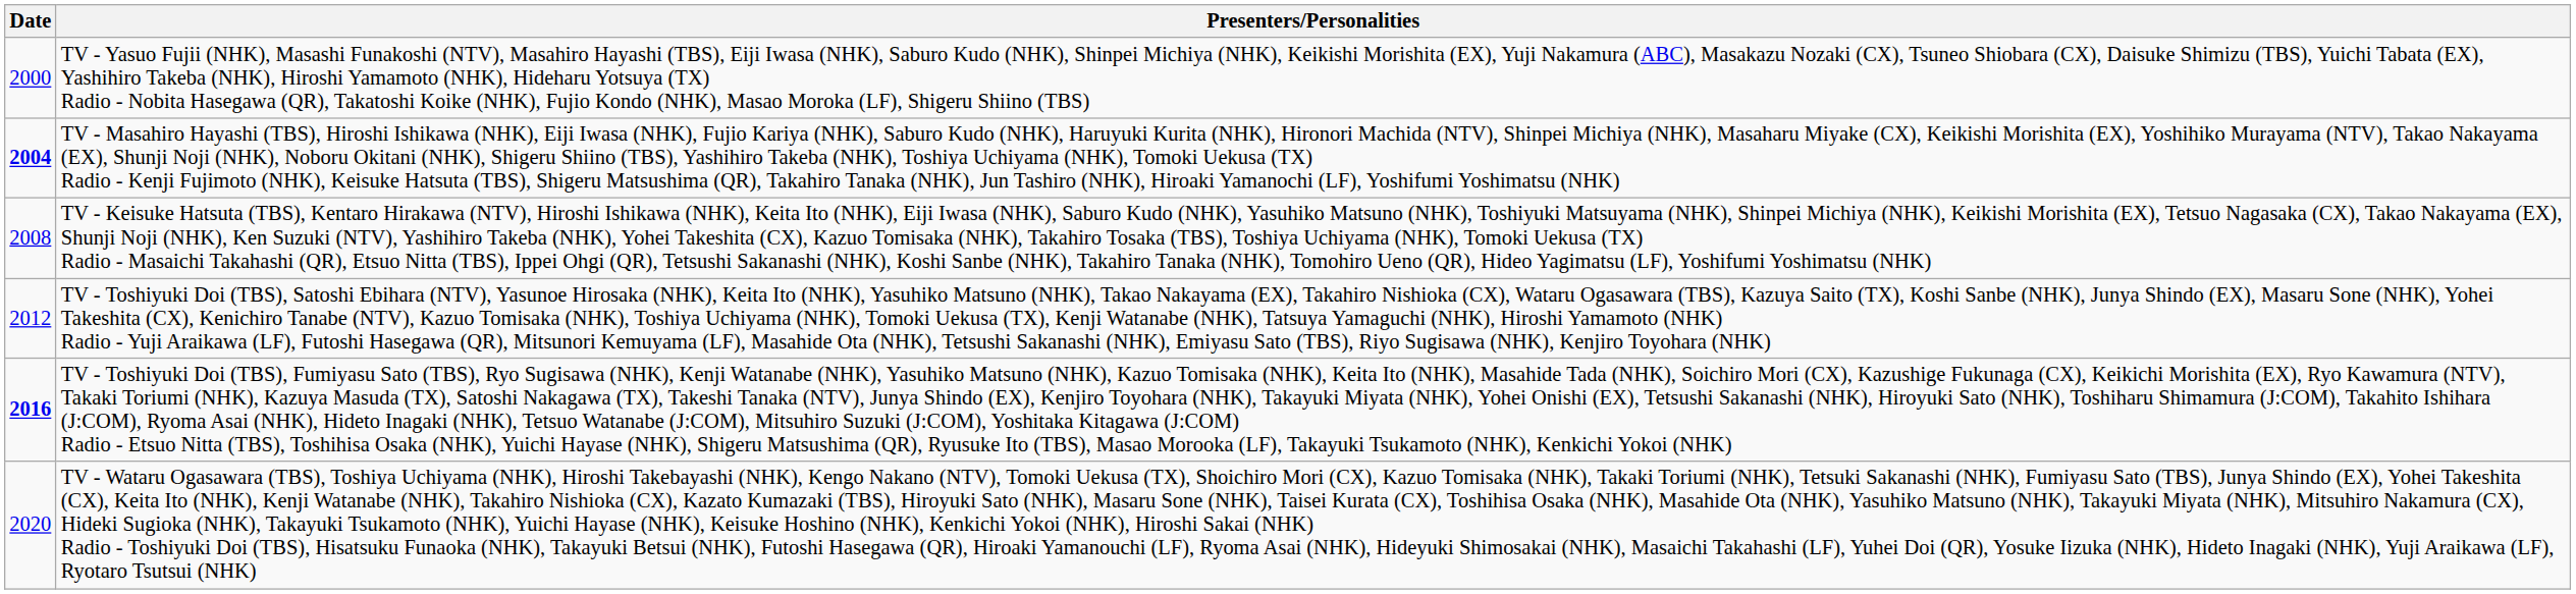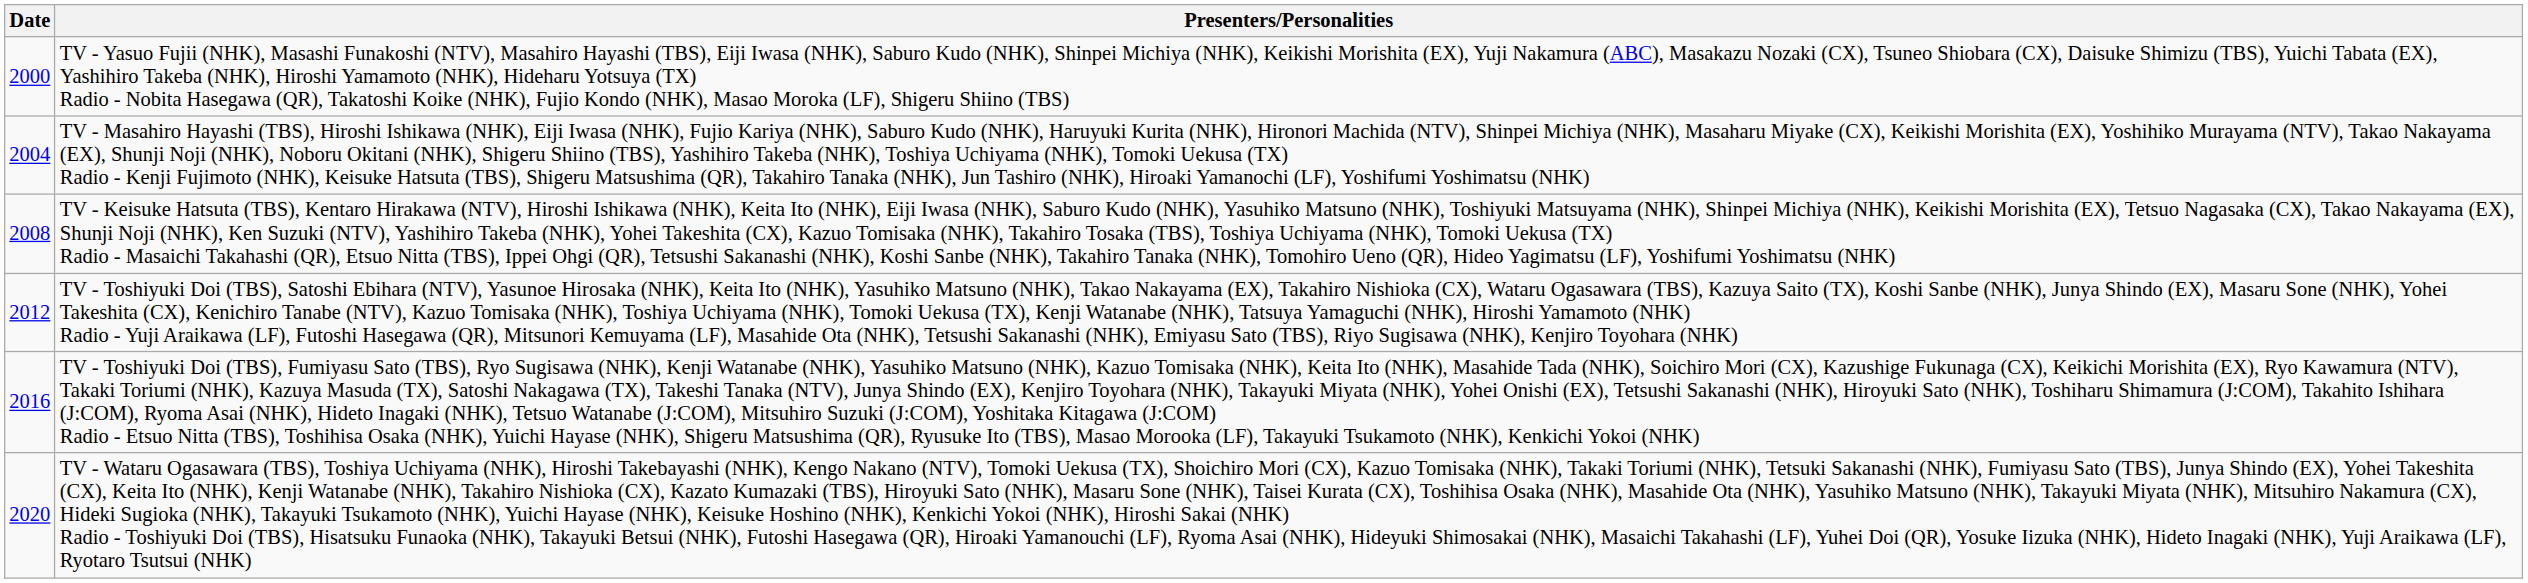 <table class="wikitable">
 <tr>
 <th>Date</th>
 <th>Presenters/Personalities</th>
 </tr>
 <tr>
 <td><a href='#'>2000</a></td>
 <td>TV - Yasuo Fujii (NHK), Masashi Funakoshi (NTV), Masahiro Hayashi (TBS), Eiji Iwasa (NHK), Saburo Kudo (NHK), Shinpei Michiya (NHK), Keikishi Morishita (EX), Yuji Nakamura (<a href='#'>ABC</a>), Masakazu Nozaki (CX), Tsuneo Shiobara (CX), Daisuke Shimizu (TBS), Yuichi Tabata (EX), Yashihiro Takeba (NHK), Hiroshi Yamamoto (NHK), Hideharu Yotsuya (TX)<br>Radio - Nobita Hasegawa (QR), Takatoshi Koike (NHK), Fujio Kondo (NHK), Masao Moroka (LF), Shigeru Shiino (TBS)</td>
 </tr>
 <tr>
-<td><strong><a href='#'>2004</a></strong></td>
+<td><a href='#'>2004</a></td>
 <td>TV - Masahiro Hayashi (TBS), Hiroshi Ishikawa (NHK), Eiji Iwasa (NHK), Fujio Kariya (NHK), Saburo Kudo (NHK), Haruyuki Kurita (NHK), Hironori Machida (NTV), Shinpei Michiya (NHK), Masaharu Miyake (CX), Keikishi Morishita (EX), Yoshihiko Murayama (NTV), Takao Nakayama (EX), Shunji Noji (NHK), Noboru Okitani (NHK), Shigeru Shiino (TBS), Yashihiro Takeba (NHK), Toshiya Uchiyama (NHK), Tomoki Uekusa (TX)<br>Radio - Kenji Fujimoto (NHK), Keisuke Hatsuta (TBS), Shigeru Matsushima (QR), Takahiro Tanaka (NHK), Jun Tashiro (NHK), Hiroaki Yamanochi (LF), Yoshifumi Yoshimatsu (NHK)</td>
 </tr>
 <tr>
 <td><a href='#'>2008</a></td>
 <td>TV - Keisuke Hatsuta (TBS), Kentaro Hirakawa (NTV), Hiroshi Ishikawa (NHK), Keita Ito (NHK), Eiji Iwasa (NHK), Saburo Kudo (NHK), Yasuhiko Matsuno (NHK), Toshiyuki Matsuyama (NHK), Shinpei Michiya (NHK),  Keikishi Morishita (EX), Tetsuo Nagasaka (CX), Takao Nakayama (EX), Shunji Noji (NHK), Ken Suzuki (NTV), Yashihiro Takeba (NHK), Yohei Takeshita (CX), Kazuo Tomisaka (NHK), Takahiro Tosaka (TBS), Toshiya Uchiyama (NHK), Tomoki Uekusa (TX)<br>Radio - Masaichi Takahashi (QR), Etsuo Nitta (TBS), Ippei Ohgi (QR), Tetsushi Sakanashi (NHK), Koshi Sanbe (NHK), Takahiro Tanaka (NHK), Tomohiro Ueno (QR), Hideo Yagimatsu (LF), Yoshifumi Yoshimatsu (NHK)</td>
 </tr>
 <tr>
 <td><a href='#'>2012</a></td>
 <td>TV - Toshiyuki Doi (TBS), Satoshi Ebihara (NTV), Yasunoe Hirosaka (NHK), Keita Ito (NHK), Yasuhiko Matsuno (NHK), Takao Nakayama (EX), Takahiro Nishioka (CX), Wataru Ogasawara (TBS), Kazuya Saito (TX), Koshi Sanbe (NHK), Junya Shindo (EX), Masaru Sone (NHK), Yohei Takeshita (CX), Kenichiro Tanabe (NTV), Kazuo Tomisaka (NHK), Toshiya Uchiyama (NHK), Tomoki Uekusa (TX), Kenji Watanabe (NHK), Tatsuya Yamaguchi (NHK), Hiroshi Yamamoto (NHK)<br>Radio - Yuji Araikawa (LF), Futoshi Hasegawa (QR), Mitsunori Kemuyama (LF), Masahide Ota (NHK), Tetsushi Sakanashi (NHK), Emiyasu Sato (TBS), Riyo Sugisawa (NHK), Kenjiro Toyohara (NHK)</td>
 </tr>
 <tr>
-<td><strong><a href='#'>2016</a></strong></td>
+<td><a href='#'>2016</a></td>
 <td>TV - Toshiyuki Doi (TBS), Fumiyasu Sato (TBS), Ryo Sugisawa (NHK), Kenji Watanabe (NHK), Yasuhiko Matsuno (NHK), Kazuo Tomisaka (NHK), Keita Ito (NHK), Masahide Tada (NHK), Soichiro Mori (CX), Kazushige Fukunaga (CX), Keikichi Morishita (EX), Ryo Kawamura (NTV), Takaki Toriumi (NHK), Kazuya Masuda (TX), Satoshi Nakagawa (TX), Takeshi Tanaka (NTV), Junya Shindo (EX), Kenjiro Toyohara (NHK), Takayuki Miyata (NHK), Yohei Onishi (EX), Tetsushi Sakanashi (NHK), Hiroyuki Sato (NHK), Toshiharu Shimamura (J:COM), Takahito Ishihara (J:COM), Ryoma Asai (NHK), Hideto Inagaki (NHK), Tetsuo Watanabe (J:COM), Mitsuhiro Suzuki (J:COM), Yoshitaka Kitagawa (J:COM)<br>Radio - Etsuo Nitta (TBS), Toshihisa Osaka (NHK), Yuichi Hayase (NHK), Shigeru Matsushima (QR), Ryusuke Ito (TBS), Masao Morooka (LF), Takayuki Tsukamoto (NHK), Kenkichi Yokoi (NHK)</td>
 </tr>
 <tr>
 <td><a href='#'>2020</a></td>
 <td>TV - Wataru Ogasawara (TBS), Toshiya Uchiyama (NHK), Hiroshi Takebayashi (NHK), Kengo Nakano (NTV), Tomoki Uekusa (TX), Shoichiro Mori (CX), Kazuo Tomisaka (NHK), Takaki Toriumi (NHK), Tetsuki Sakanashi (NHK), Fumiyasu Sato (TBS), Junya Shindo (EX), Yohei Takeshita (CX), Keita Ito (NHK), Kenji Watanabe (NHK), Takahiro Nishioka (CX), Kazato Kumazaki (TBS), Hiroyuki Sato (NHK), Masaru Sone (NHK), Taisei Kurata (CX), Toshihisa Osaka (NHK), Masahide Ota (NHK), Yasuhiko Matsuno (NHK), Takayuki Miyata (NHK), Mitsuhiro Nakamura (CX), Hideki Sugioka (NHK), Takayuki Tsukamoto (NHK), Yuichi Hayase (NHK), Keisuke Hoshino (NHK), Kenkichi Yokoi (NHK), Hiroshi Sakai (NHK)<br>Radio - Toshiyuki Doi (TBS), Hisatsuku Funaoka (NHK), Takayuki Betsui (NHK), Futoshi Hasegawa (QR), Hiroaki Yamanouchi (LF), Ryoma Asai (NHK), Hideyuki Shimosakai (NHK), Masaichi Takahashi (LF), Yuhei Doi (QR), Yosuke Iizuka (NHK), Hideto Inagaki (NHK), Yuji Araikawa (LF), Ryotaro Tsutsui (NHK)</td>
 </tr>
 </table>
